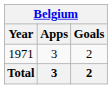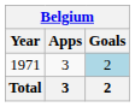 <table class="wikitable" style="text-align:center">
 <tr>
 <th colspan=3><a href='#'>Belgium</a></th>
 </tr>
 <tr>
 <th>Year</th>
 <th>Apps</th>
 <th>Goals</th>
 </tr>
 <tr>
 <td>1971</td>
 <td>3</td>
-<td>2</td>
+<td style="background: lightblue;">2</td>
 </tr>
 <tr>
 <th>Total</th>
 <th>3</th>
 <th>2</th>
 </tr>
 </table>
